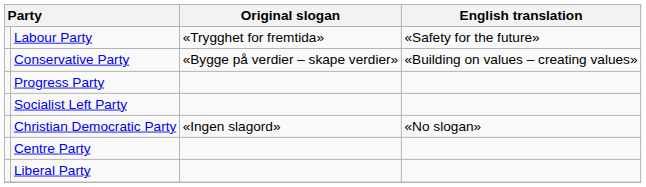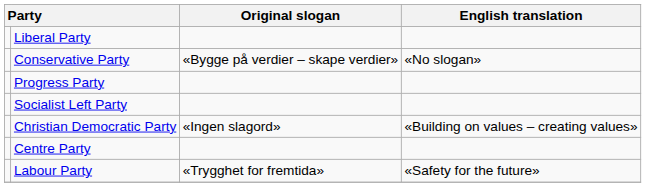 <table class="wikitable" style="font-size:97%; text-align:left">
 <tr>
 <th colspan="2" style="text-align:left;">Party</th>
 <th>Original slogan</th>
 <th>English translation</th>
 </tr>
 <tr>
 <td style="background:"></td>
-<td><a href='#'>Labour Party</a></td>
-<td>«Trygghet for fremtida»</td>
-<td>«Safety for the future»</td>
+<td><a href='#'>Liberal Party</a></td>
+<td></td>
+<td></td>
 </tr>
 <tr>
 <td style="background:"></td>
 <td><a href='#'>Conservative Party</a></td>
 <td>«Bygge på verdier – skape verdier»</td>
-<td>«Building on values – creating values»</td>
+<td>«No slogan»</td>
 </tr>
 <tr>
 <td style="background:"></td>
 <td><a href='#'>Progress Party</a></td>
 <td></td>
 <td></td>
 </tr>
 <tr>
 <td style="background:"></td>
 <td><a href='#'>Socialist Left Party</a></td>
 <td></td>
 <td></td>
 </tr>
 <tr>
 <td style="background:"></td>
 <td><a href='#'>Christian Democratic Party</a></td>
 <td>«Ingen slagord»</td>
-<td>«No slogan»</td>
+<td>«Building on values – creating values»</td>
 </tr>
 <tr>
 <td style="background:"></td>
 <td><a href='#'>Centre Party</a></td>
 <td></td>
 <td></td>
 </tr>
 <tr>
 <td style="background:"></td>
-<td><a href='#'>Liberal Party</a></td>
-<td></td>
-<td></td>
+<td><a href='#'>Labour Party</a></td>
+<td>«Trygghet for fremtida»</td>
+<td>«Safety for the future»</td>
 </tr>
 <tr>
 </tr>
 </table>
